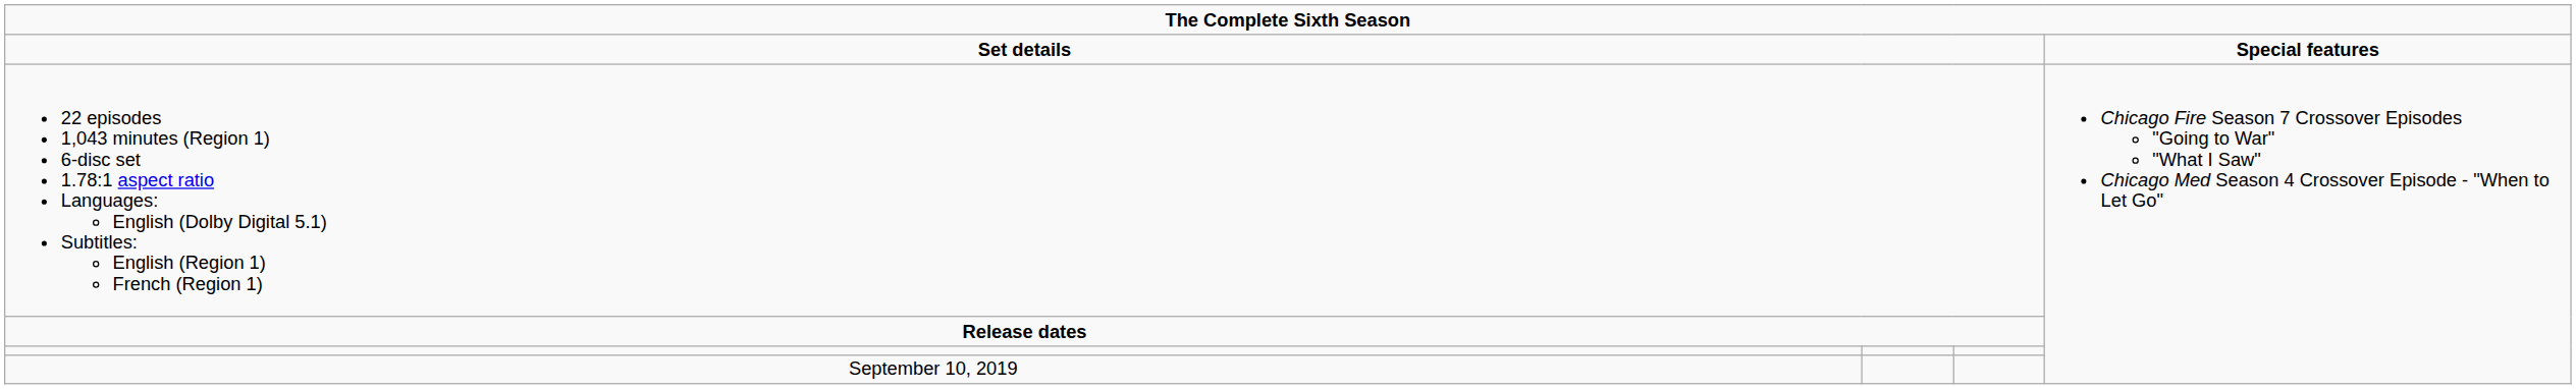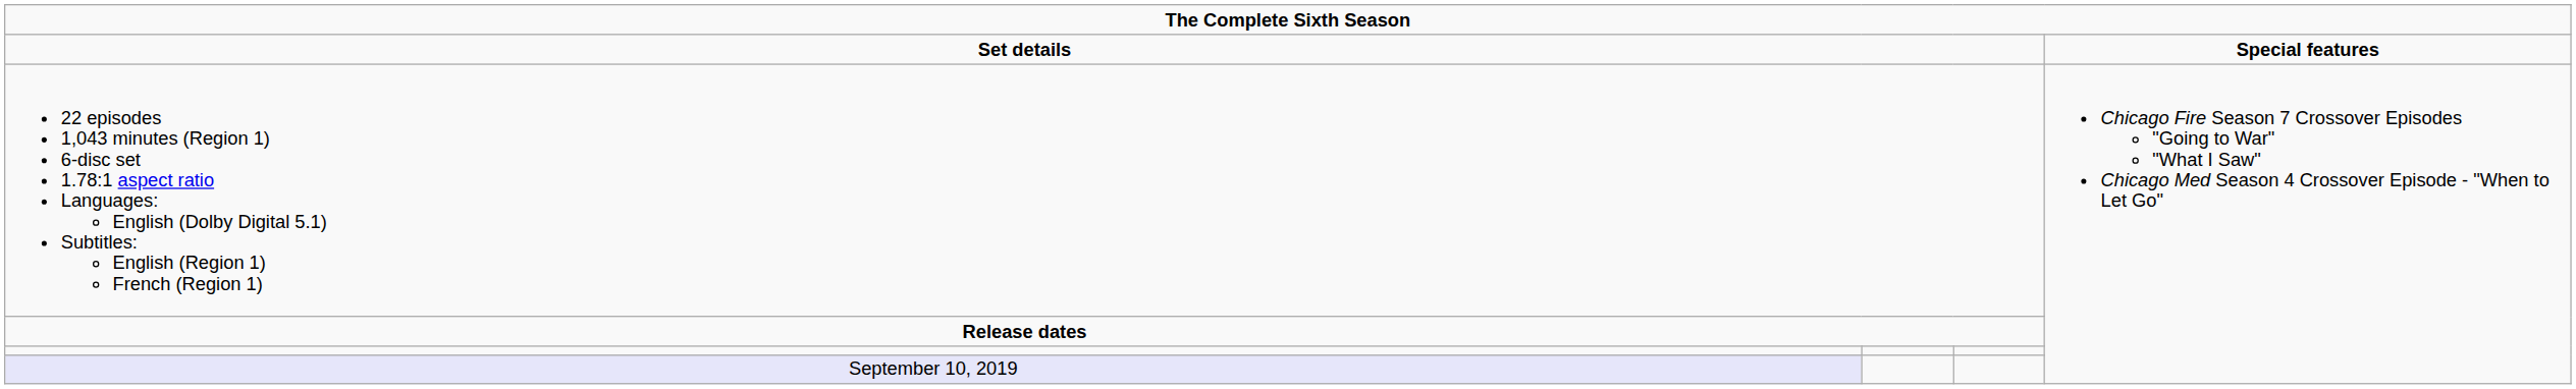 <table class="wikitable plainrowheaders" style="font-size:90%; text-align:center; width: 100%; margin-left: auto; margin-right: auto;">
 <tr>
 <td colspan="6"><strong>The Complete Sixth Season</strong></td>
 </tr>
 <tr>
 <td align="center" width="300" colspan="3"><strong>Set details</strong></td>
 <td width="400" align="center"><strong>Special features</strong></td>
 </tr>
 <tr valign="top">
 <td colspan="3" align="left" width="300"><br><ul><li>22 episodes</li><li>1,043 minutes (Region 1)</li><li>6-disc set</li><li>1.78:1 <a href='#'>aspect ratio</a></li><li>Languages:<ul><li>English (Dolby Digital 5.1)</li></ul></li><li>Subtitles:<ul><li>English (Region 1)</li><li>French (Region 1)</li></ul></li></ul></td>
 <td rowspan="4" align="left" width="400"><br><ul><li><em>Chicago Fire</em> Season 7 Crossover Episodes<ul><li>"Going to War"</li><li>"What I Saw"</li></ul></li><li><em>Chicago Med</em> Season 4 Crossover Episode - "When to Let Go"</li></ul></td>
 </tr>
 <tr>
 <td colspan="3" align="center"><strong>Release dates</strong></td>
 </tr>
 <tr>
 <td align="center"></td>
 <td align="center"></td>
 <td align="center"></td>
 </tr>
 <tr>
-<td align="center">September 10, 2019</td>
+<td align="center" style="background: lavender;">September 10, 2019</td>
 <td align="center"></td>
 <td align="center"></td>
 </tr>
 </table>
